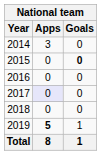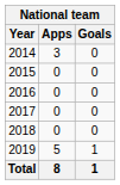 <table class="wikitable" style="text-align:center">
 <tr>
 <th colspan=3>National team</th>
 </tr>
 <tr>
 <th>Year</th>
 <th>Apps</th>
 <th>Goals</th>
 </tr>
 <tr>
 <td>2014</td>
 <td>3</td>
 <td>0</td>
 </tr>
 <tr>
 <td>2015</td>
 <td>0</td>
-<td><strong>0</strong></td>
+<td>0</td>
 </tr>
 <tr>
 <td>2016</td>
 <td>0</td>
 <td>0</td>
 </tr>
 <tr>
 <td>2017</td>
-<td style="background: lavender;">0</td>
+<td>0</td>
 <td>0</td>
 </tr>
 <tr>
 <td>2018</td>
 <td>0</td>
 <td>0</td>
 </tr>
 <tr>
 <td>2019</td>
-<td><strong>5</strong></td>
+<td>5</td>
 <td>1</td>
 </tr>
 <tr>
 <th>Total</th>
 <th>8</th>
 <th>1</th>
 </tr>
 </table>
